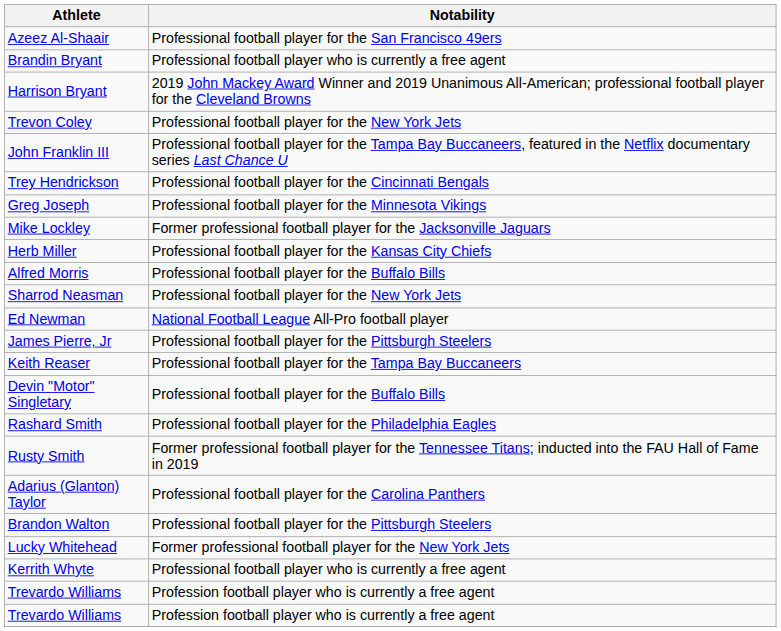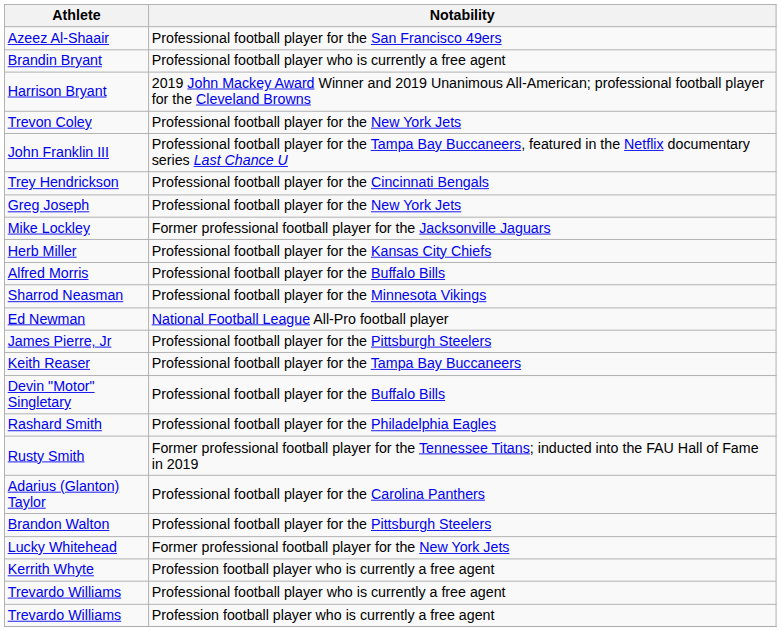 <table class="wikitable">
 <tr>
 <th>Athlete</th>
 <th>Notability</th>
 </tr>
 <tr>
 <td><a href='#'>Azeez Al-Shaair</a></td>
 <td>Professional football player for the <a href='#'>San Francisco 49ers</a></td>
 </tr>
 <tr>
 <td><a href='#'>Brandin Bryant</a></td>
 <td>Professional football player who is currently a free agent</td>
 </tr>
 <tr>
 <td><a href='#'>Harrison Bryant</a></td>
 <td>2019 <a href='#'>John Mackey Award</a> Winner and 2019 Unanimous All-American; professional football player for the <a href='#'>Cleveland Browns</a></td>
 </tr>
 <tr>
 <td><a href='#'>Trevon Coley</a></td>
 <td>Professional football player for the <a href='#'>New York Jets</a></td>
 </tr>
 <tr>
 <td><a href='#'>John Franklin III</a></td>
 <td>Professional football player for the <a href='#'>Tampa Bay Buccaneers</a>, featured in the <a href='#'>Netflix</a> documentary series <em><a href='#'>Last Chance U</a></em></td>
 </tr>
 <tr>
 <td><a href='#'>Trey Hendrickson</a></td>
 <td>Professional football player for the <a href='#'>Cincinnati Bengals</a></td>
 </tr>
 <tr>
 <td><a href='#'>Greg Joseph</a></td>
-<td>Professional football player for the <a href='#'>Minnesota Vikings</a></td>
+<td>Professional football player for the <a href='#'>New York Jets</a></td>
 </tr>
 <tr>
 <td><a href='#'>Mike Lockley</a></td>
 <td>Former professional football player for the <a href='#'>Jacksonville Jaguars</a></td>
 </tr>
 <tr>
 <td><a href='#'>Herb Miller</a></td>
 <td>Professional football player for the <a href='#'>Kansas City Chiefs</a></td>
 </tr>
 <tr>
 <td><a href='#'>Alfred Morris</a></td>
 <td>Professional football player for the <a href='#'>Buffalo Bills</a></td>
 </tr>
 <tr>
 <td><a href='#'>Sharrod Neasman</a></td>
-<td>Professional football player for the <a href='#'>New York Jets</a></td>
+<td>Professional football player for the <a href='#'>Minnesota Vikings</a></td>
 </tr>
 <tr>
 <td><a href='#'>Ed Newman</a></td>
 <td><a href='#'>National Football League</a> All-Pro football player</td>
 </tr>
 <tr>
 <td><a href='#'>James Pierre, Jr</a></td>
 <td>Professional football player for the <a href='#'>Pittsburgh Steelers</a></td>
 </tr>
 <tr>
 <td><a href='#'>Keith Reaser</a></td>
 <td>Professional football player for the <a href='#'>Tampa Bay Buccaneers</a></td>
 </tr>
 <tr>
 <td><a href='#'>Devin "Motor" Singletary</a></td>
 <td>Professional football player for the <a href='#'>Buffalo Bills</a></td>
 </tr>
 <tr>
 <td><a href='#'>Rashard Smith</a></td>
 <td>Professional football player for the <a href='#'>Philadelphia Eagles</a></td>
 </tr>
 <tr>
 <td><a href='#'>Rusty Smith</a></td>
 <td>Former professional football player for the <a href='#'>Tennessee Titans</a>; inducted into the FAU Hall of Fame in 2019</td>
 </tr>
 <tr>
 <td><a href='#'>Adarius (Glanton) Taylor</a></td>
 <td>Professional football player for the <a href='#'>Carolina Panthers</a></td>
 </tr>
 <tr>
 <td><a href='#'>Brandon Walton</a></td>
 <td>Professional football player for the <a href='#'>Pittsburgh Steelers</a></td>
 </tr>
 <tr>
 <td><a href='#'>Lucky Whitehead</a></td>
 <td>Former professional football player for the <a href='#'>New York Jets</a></td>
 </tr>
 <tr>
 <td><a href='#'>Kerrith Whyte</a></td>
-<td>Professional football player who is currently a free agent</td>
+<td>Profession football player who is currently a free agent</td>
 </tr>
 <tr>
 <td><a href='#'>Trevardo Williams</a></td>
-<td>Profession football player who is currently a free agent</td>
+<td>Professional football player who is currently a free agent</td>
 </tr>
 <tr>
 <td><a href='#'>Trevardo Williams</a></td>
 <td>Profession football player who is currently a free agent</td>
 </tr>
 <tr>
 </tr>
 </table>
